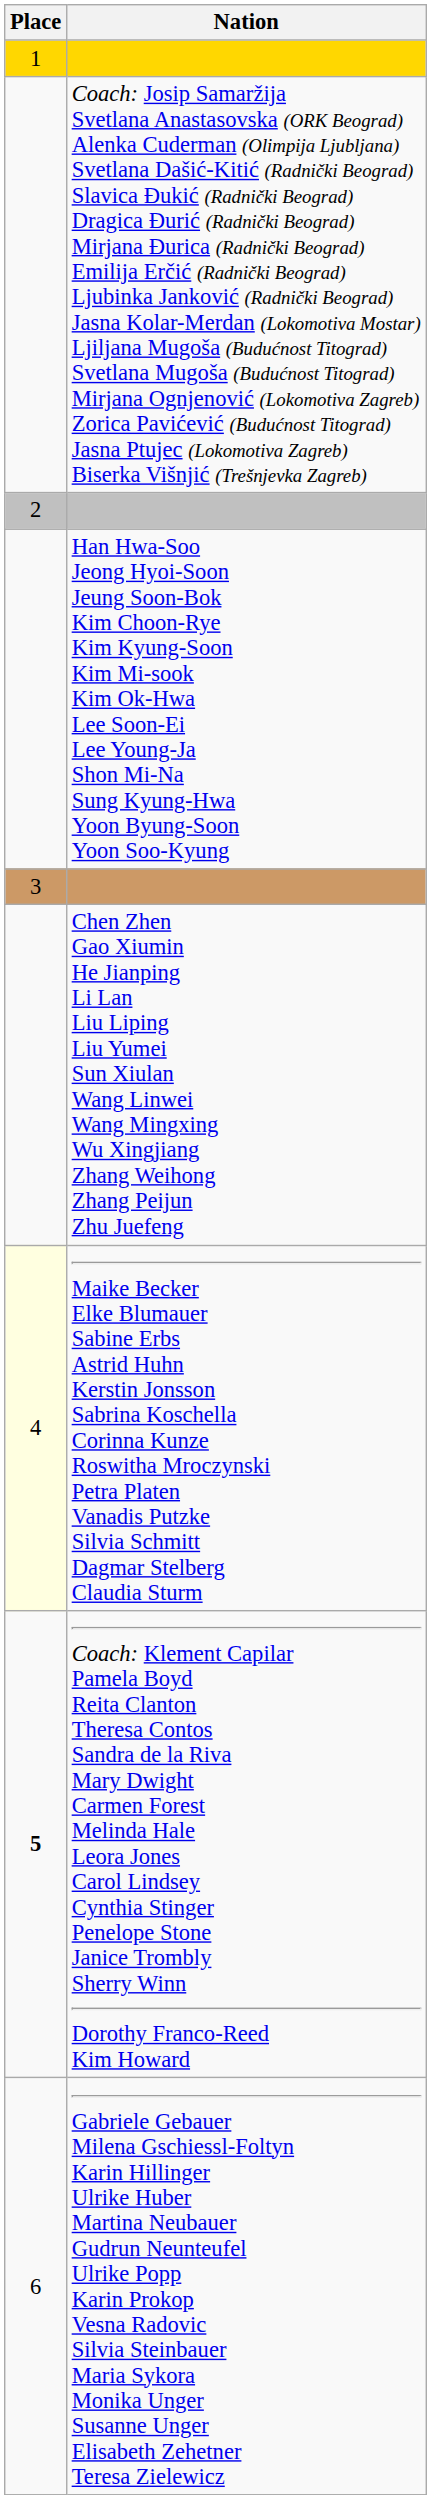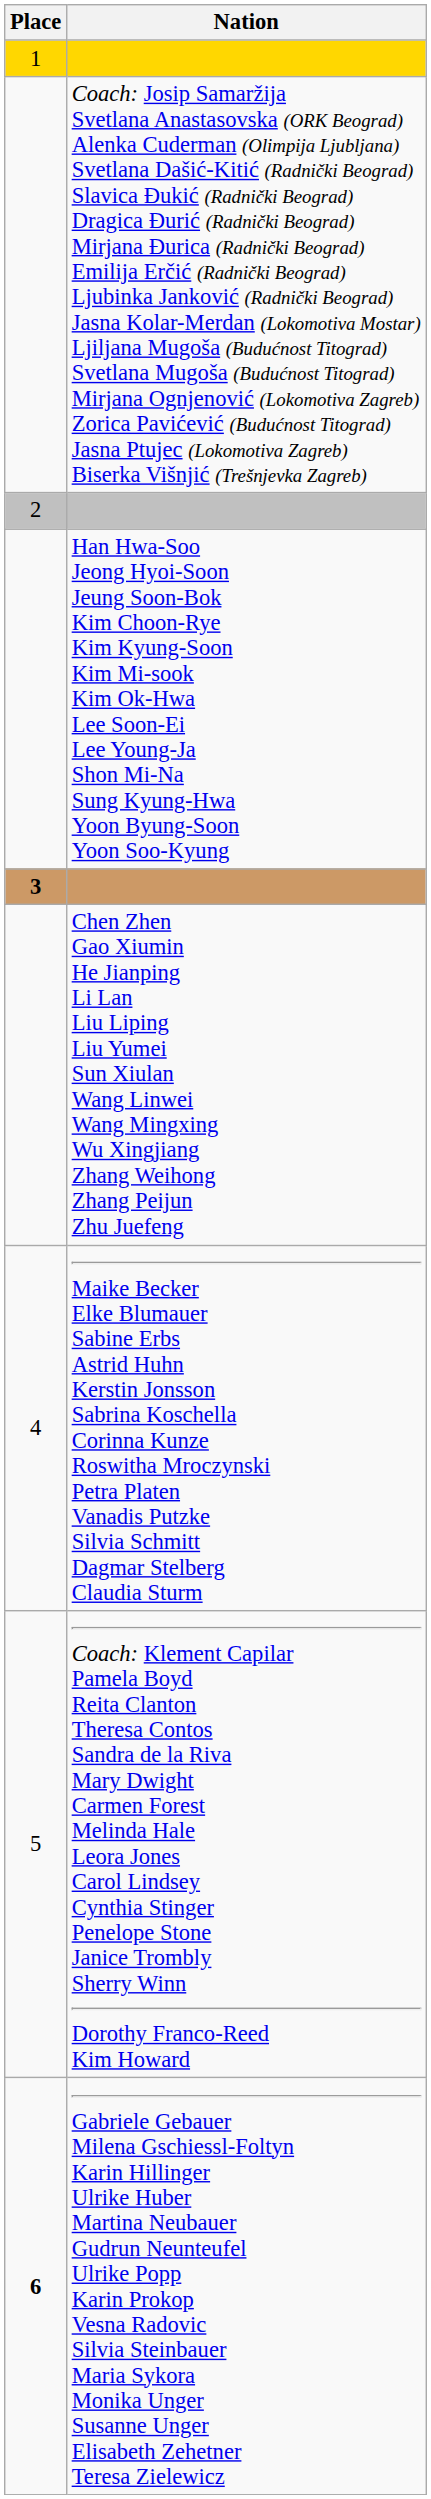 <table class="wikitable">
 <tr>
 <th>Place</th>
 <th>Nation</th>
 </tr>
 <tr align=center bgcolor=gold>
 <td>1</td>
 <td align=left></td>
 </tr>
 <tr>
 <td></td>
 <td align=left><em>Coach:</em> <a href='#'>Josip Samaržija</a><br><a href='#'>Svetlana Anastasovska</a> <small><em>(ORK Beograd)</em></small><br><a href='#'>Alenka Cuderman</a> <small><em>(Olimpija Ljubljana)</em></small><br><a href='#'>Svetlana Dašić-Kitić</a> <small><em>(Radnički Beograd)</em></small><br><a href='#'>Slavica Đukić</a> <small><em>(Radnički Beograd)</em></small><br><a href='#'>Dragica Đurić</a> <small><em>(Radnički Beograd)</em></small><br><a href='#'>Mirjana Đurica</a> <small><em>(Radnički Beograd)</em></small><br><a href='#'>Emilija Erčić</a> <small><em>(Radnički Beograd)</em></small><br><a href='#'>Ljubinka Janković</a> <small><em>(Radnički Beograd)</em></small><br><a href='#'>Jasna Kolar-Merdan</a> <small><em>(Lokomotiva Mostar)</em></small><br><a href='#'>Ljiljana Mugoša</a> <small><em>(Budućnost Titograd)</em></small><br><a href='#'>Svetlana Mugoša</a> <small><em>(Budućnost Titograd)</em></small><br><a href='#'>Mirjana Ognjenović</a> <small><em>(Lokomotiva Zagreb)</em></small><br><a href='#'>Zorica Pavićević</a> <small><em>(Budućnost Titograd)</em></small><br><a href='#'>Jasna Ptujec</a> <small><em>(Lokomotiva Zagreb)</em></small><br><a href='#'>Biserka Višnjić</a> <small><em>(Trešnjevka Zagreb)</em></small></td>
 </tr>
 <tr align=center bgcolor=silver>
 <td>2</td>
 <td align=left></td>
 </tr>
 <tr>
 <td></td>
 <td align=left><a href='#'>Han Hwa-Soo</a><br><a href='#'>Jeong Hyoi-Soon</a><br><a href='#'>Jeung Soon-Bok</a><br><a href='#'>Kim Choon-Rye</a><br><a href='#'>Kim Kyung-Soon</a><br><a href='#'>Kim Mi-sook</a><br><a href='#'>Kim Ok-Hwa</a><br><a href='#'>Lee Soon-Ei</a><br><a href='#'>Lee Young-Ja</a><br><a href='#'>Shon Mi-Na</a><br><a href='#'>Sung Kyung-Hwa</a><br><a href='#'>Yoon Byung-Soon</a><br><a href='#'>Yoon Soo-Kyung</a></td>
 </tr>
 <tr align=center bgcolor=cc9966>
-<td>3</td>
+<td><strong>3</strong></td>
 <td align=left></td>
 </tr>
 <tr>
 <td></td>
 <td align=left><a href='#'>Chen Zhen</a><br><a href='#'>Gao Xiumin</a><br> <a href='#'>He Jianping</a><br><a href='#'>Li Lan</a><br><a href='#'>Liu Liping</a><br><a href='#'>Liu Yumei</a><br><a href='#'>Sun Xiulan</a><br><a href='#'>Wang Linwei</a><br><a href='#'>Wang Mingxing</a><br><a href='#'>Wu Xingjiang</a><br><a href='#'>Zhang Weihong</a><br><a href='#'>Zhang Peijun</a><br><a href='#'>Zhu Juefeng</a></td>
 </tr>
 <tr align=center>
-<td style="background: lightyellow;">4</td>
+<td>4</td>
 <td align=left><hr><a href='#'>Maike Becker</a><br><a href='#'>Elke Blumauer</a><br><a href='#'>Sabine Erbs</a><br><a href='#'>Astrid Huhn</a><br><a href='#'>Kerstin Jonsson</a><br><a href='#'>Sabrina Koschella</a><br><a href='#'>Corinna Kunze</a><br><a href='#'>Roswitha Mroczynski</a><br><a href='#'>Petra Platen</a><br><a href='#'>Vanadis Putzke</a><br><a href='#'>Silvia Schmitt</a><br><a href='#'>Dagmar Stelberg</a><br><a href='#'>Claudia Sturm</a></td>
 </tr>
 <tr align=center>
-<td><strong>5</strong></td>
+<td>5</td>
 <td align=left><hr><em>Coach:</em> <a href='#'>Klement Capilar</a><br><a href='#'>Pamela Boyd</a><br><a href='#'>Reita Clanton</a><br><a href='#'>Theresa Contos</a><br><a href='#'>Sandra de la Riva</a><br><a href='#'>Mary Dwight</a><br><a href='#'>Carmen Forest</a><br><a href='#'>Melinda Hale</a><br><a href='#'>Leora Jones</a><br><a href='#'>Carol Lindsey</a><br><a href='#'>Cynthia Stinger</a><br><a href='#'>Penelope Stone</a><br><a href='#'>Janice Trombly</a><br><a href='#'>Sherry Winn</a><hr><a href='#'>Dorothy Franco-Reed</a><br><a href='#'>Kim Howard</a></td>
 </tr>
 <tr align=center>
-<td>6</td>
+<td><strong>6</strong></td>
 <td align=left><hr><a href='#'>Gabriele Gebauer</a><br><a href='#'>Milena Gschiessl-Foltyn</a><br><a href='#'>Karin Hillinger</a><br><a href='#'>Ulrike Huber</a><br><a href='#'>Martina Neubauer</a><br><a href='#'>Gudrun Neunteufel</a><br><a href='#'>Ulrike Popp</a><br><a href='#'>Karin Prokop</a><br><a href='#'>Vesna Radovic</a><br><a href='#'>Silvia Steinbauer</a><br><a href='#'>Maria Sykora</a><br><a href='#'>Monika Unger</a><br><a href='#'>Susanne Unger</a><br><a href='#'>Elisabeth Zehetner</a><br><a href='#'>Teresa Zielewicz</a></td>
 </tr>
 </table>
